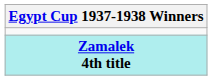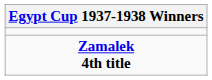 <table class="wikitable" style="text-align: center; margin: 0 auto;">
 <tr>
 <th><a href='#'>Egypt Cup</a> 1937-1938 Winners</th>
 </tr>
 <tr>
 <td></td>
 </tr>
 <tr>
-<td style="background: paleturquoise;"><strong><a href='#'>Zamalek</a></strong><br><strong>4th title</strong></td>
+<td><strong><a href='#'>Zamalek</a></strong><br><strong>4th title</strong></td>
 </tr>
 </table>
